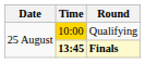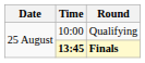 <table class="wikitable">
 <tr>
 <th>Date</th>
 <th>Time</th>
 <th>Round</th>
 </tr>
 <tr>
 <td rowspan=2>25 August</td>
-<td style="background: gold;">10:00</td>
+<td>10:00</td>
 <td>Qualifying</td>
 </tr>
 <tr style="background:lemonchiffon">
 <td><strong>13:45</strong></td>
 <td><strong>Finals</strong></td>
 </tr>
 </table>
